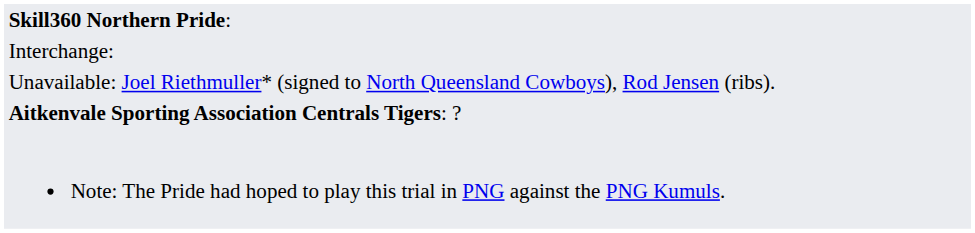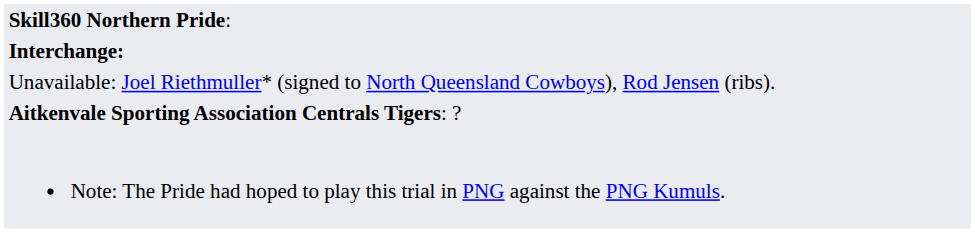 <table style="background:#eaecf0; font-size:85%; width:100%;">
 <tr>
 <td><strong>Skill360 Northern Pride</strong>:             </td>
 </tr>
 <tr>
-<td>Interchange:    </td>
+<td><strong>Interchange:    </strong></td>
 </tr>
 <tr>
 <td>Unavailable: <a href='#'>Joel Riethmuller</a>* (signed to <a href='#'>North Queensland Cowboys</a>), <a href='#'>Rod Jensen</a> (ribs).</td>
 </tr>
 <tr>
 <td><strong>Aitkenvale Sporting Association Centrals Tigers</strong>: ?</td>
 </tr>
 <tr>
 <td><br><ul><li>Note: The Pride had hoped to play this trial in <a href='#'>PNG</a> against the <a href='#'>PNG Kumuls</a>.</li></ul></td>
 </tr>
 </table>
